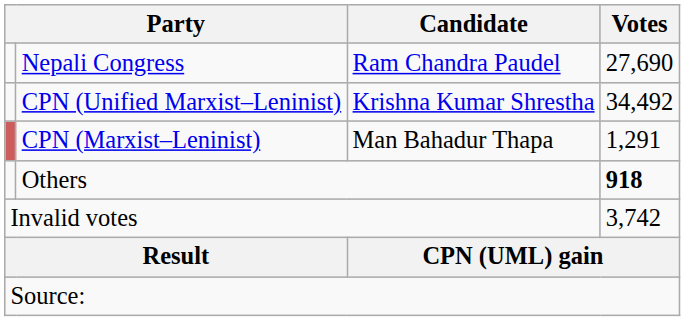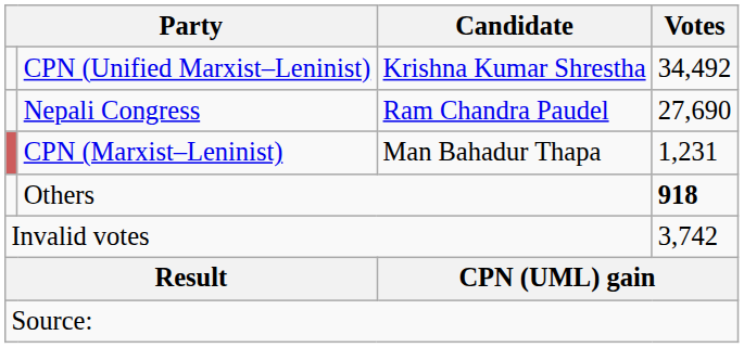 <table class="wikitable">
 <tr>
 <th colspan="2">Party</th>
 <th>Candidate</th>
 <th>Votes</th>
 </tr>
 <tr>
 <td style="background-color:"></td>
+<td><a href='#'>CPN (Unified Marxist–Leninist)</a></td>
+<td><a href='#'>Krishna Kumar Shrestha</a></td>
+<td>34,492</td>
+</tr>
+<tr>
+<td style="background-color:"></td>
 <td><a href='#'>Nepali Congress</a></td>
 <td><a href='#'>Ram Chandra Paudel</a></td>
 <td>27,690</td>
 </tr>
 <tr>
-<td style="background-color:"></td>
-<td><a href='#'>CPN (Unified Marxist–Leninist)</a></td>
-<td><a href='#'>Krishna Kumar Shrestha</a></td>
-<td>34,492</td>
-</tr>
-<tr>
 <td style="background-color:indianred"></td>
 <td><a href='#'>CPN (Marxist–Leninist)</a></td>
 <td>Man Bahadur Thapa</td>
-<td>1,291</td>
+<td>1,231</td>
 </tr>
 <tr>
 <td></td>
 <td colspan="2">Others</td>
 <td><strong>918</strong></td>
 </tr>
 <tr>
 <td colspan="3">Invalid votes</td>
 <td>3,742</td>
 </tr>
 <tr>
 <th colspan="2">Result</th>
 <th colspan="2">CPN (UML) gain</th>
 </tr>
 <tr>
 <td colspan="4">Source: </td>
 </tr>
 </table>
